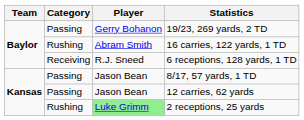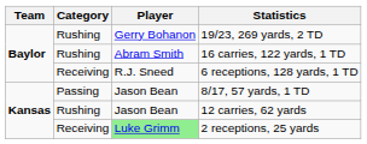 <table class="wikitable" style="float: right;">
 <tr>
 <th>Team</th>
 <th>Category</th>
 <th>Player</th>
 <th>Statistics</th>
 </tr>
 <tr>
 <td rowspan=3><strong>Baylor</strong></td>
-<td>Passing</td>
+<td>Rushing</td>
 <td><a href='#'>Gerry Bohanon</a></td>
 <td>19/23, 269 yards, 2 TD</td>
 </tr>
 <tr>
 <td>Rushing</td>
 <td><a href='#'>Abram Smith</a></td>
 <td>16 carries, 122 yards, 1 TD</td>
 </tr>
 <tr>
 <td>Receiving</td>
 <td>R.J. Sneed</td>
 <td>6 receptions, 128 yards, 1 TD</td>
 </tr>
 <tr>
 <td rowspan=3><strong>Kansas</strong></td>
 <td>Passing</td>
 <td>Jason Bean</td>
 <td>8/17, 57 yards, 1 TD</td>
 </tr>
 <tr>
-<td>Passing</td>
+<td>Rushing</td>
 <td>Jason Bean</td>
 <td>12 carries, 62 yards</td>
 </tr>
 <tr>
-<td>Rushing</td>
+<td>Receiving</td>
 <td style="background: lightgreen;"><a href='#'>Luke Grimm</a></td>
 <td>2 receptions, 25 yards</td>
 </tr>
 </table>
